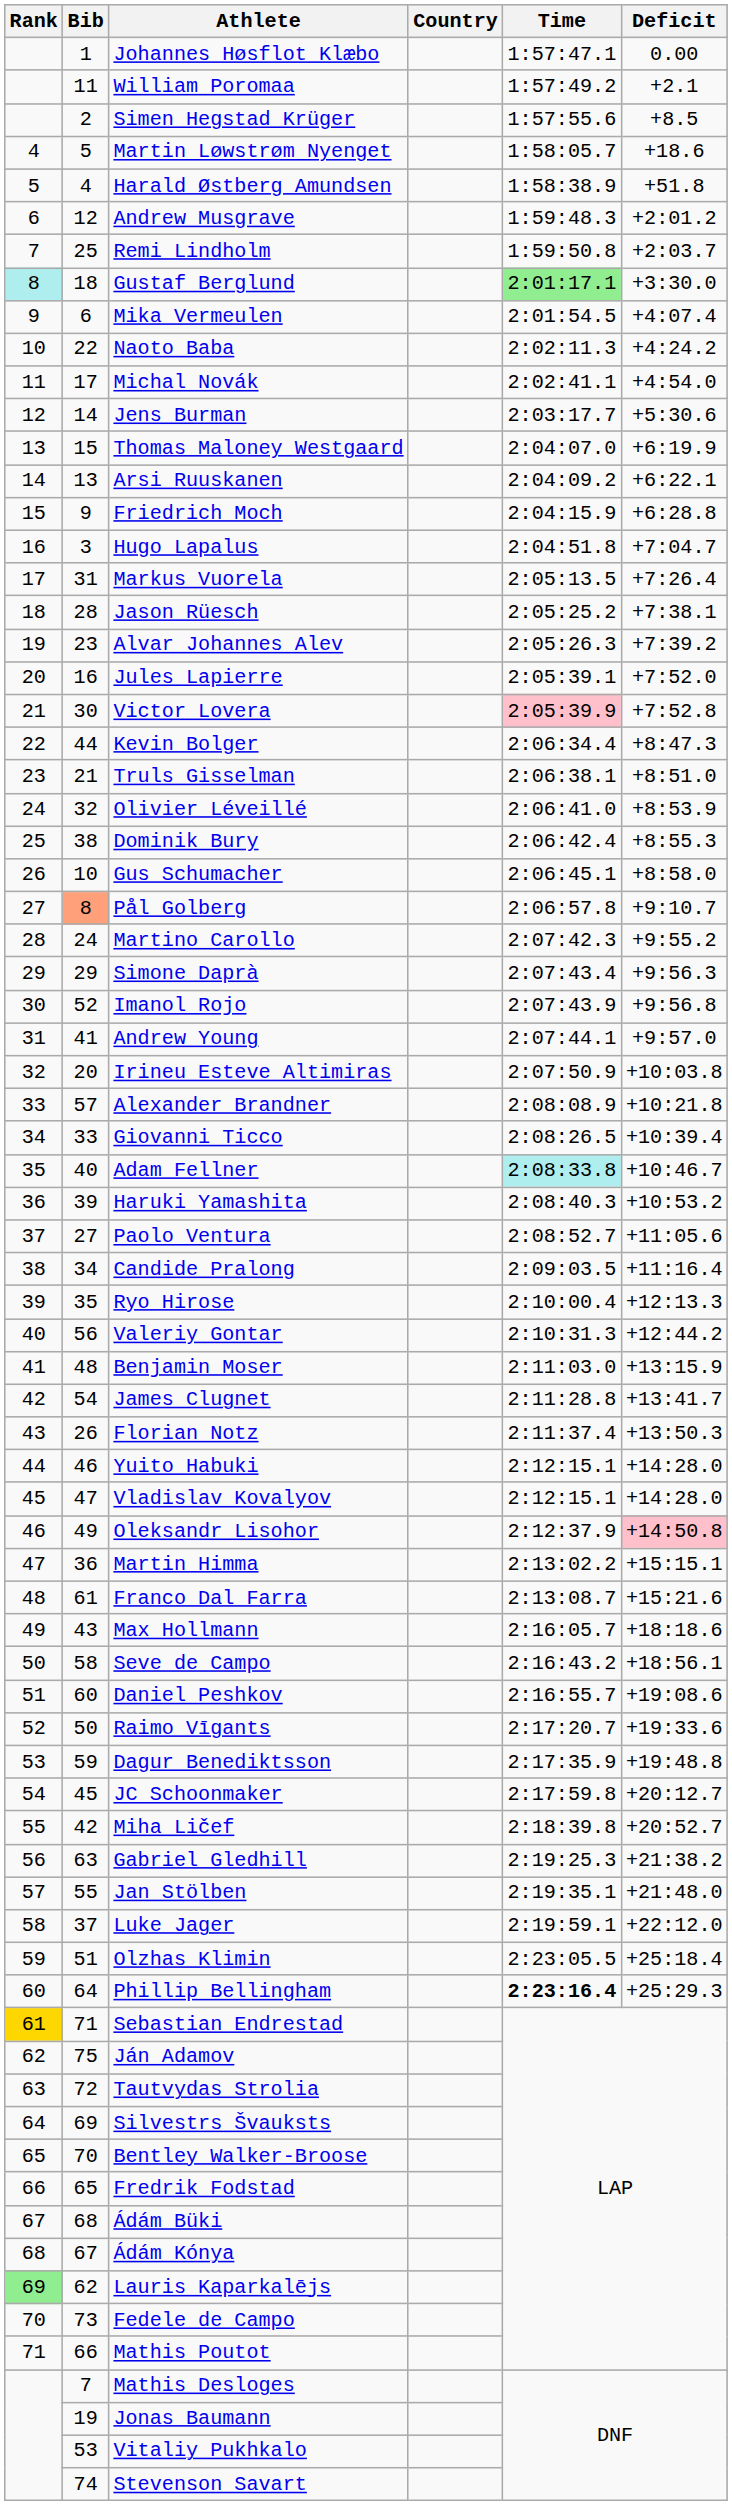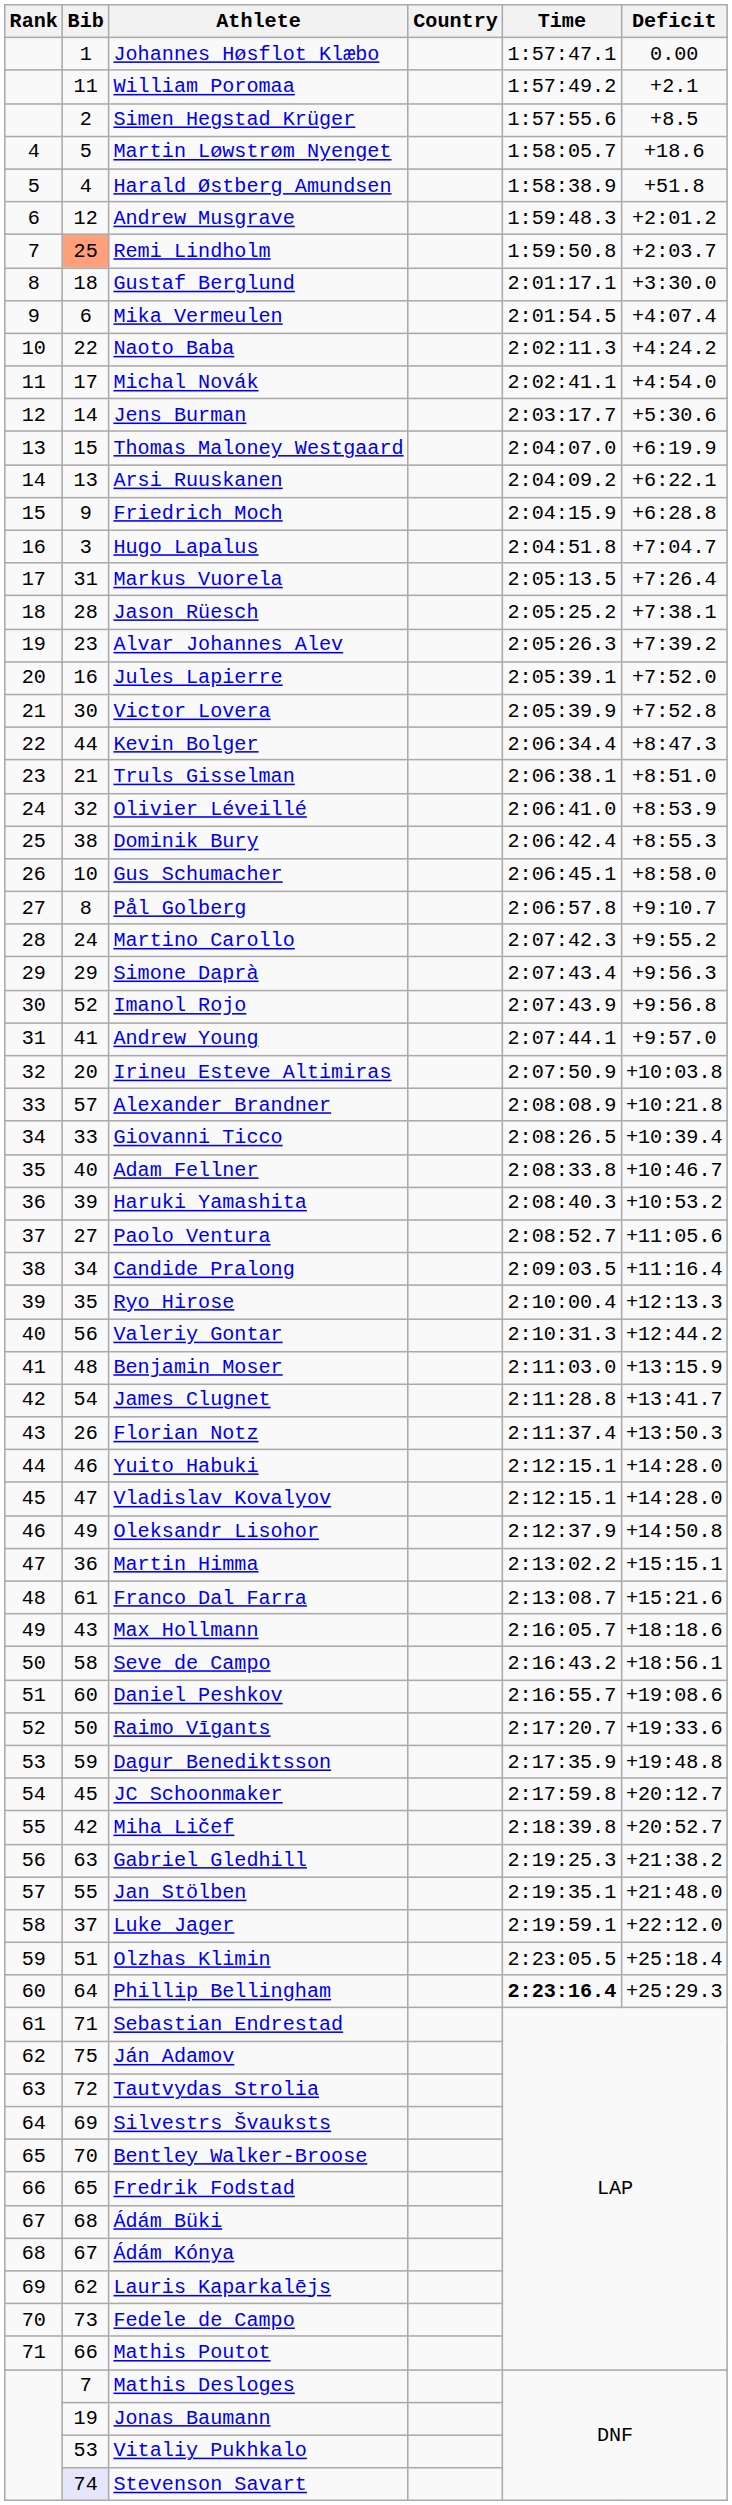 <table class="wikitable sortable" style="text-align:center">
 <tr>
 <th>Rank</th>
 <th>Bib</th>
 <th>Athlete</th>
 <th>Country</th>
 <th>Time</th>
 <th>Deficit</th>
 </tr>
 <tr>
 <td></td>
 <td>1</td>
 <td align=left><a href='#'>Johannes Høsflot Klæbo</a></td>
 <td align=left></td>
 <td>1:57:47.1</td>
 <td>0.00</td>
 </tr>
 <tr>
 <td></td>
 <td>11</td>
 <td align=left><a href='#'>William Poromaa</a></td>
 <td align=left></td>
 <td>1:57:49.2</td>
 <td>+2.1</td>
 </tr>
 <tr>
 <td></td>
 <td>2</td>
 <td align=left><a href='#'>Simen Hegstad Krüger</a></td>
 <td align=left></td>
 <td>1:57:55.6</td>
 <td>+8.5</td>
 </tr>
 <tr>
 <td>4</td>
 <td>5</td>
 <td align=left><a href='#'>Martin Løwstrøm Nyenget</a></td>
 <td align=left></td>
 <td>1:58:05.7</td>
 <td>+18.6</td>
 </tr>
 <tr>
 <td>5</td>
 <td>4</td>
 <td align=left><a href='#'>Harald Østberg Amundsen</a></td>
 <td align=left></td>
 <td>1:58:38.9</td>
 <td>+51.8</td>
 </tr>
 <tr>
 <td>6</td>
 <td>12</td>
 <td align=left><a href='#'>Andrew Musgrave</a></td>
 <td align=left></td>
 <td>1:59:48.3</td>
 <td>+2:01.2</td>
 </tr>
 <tr>
 <td>7</td>
-<td>25</td>
+<td style="background: lightsalmon;">25</td>
 <td align=left><a href='#'>Remi Lindholm</a></td>
 <td align=left></td>
 <td>1:59:50.8</td>
 <td>+2:03.7</td>
 </tr>
 <tr>
-<td style="background: paleturquoise;">8</td>
+<td>8</td>
 <td>18</td>
 <td align=left><a href='#'>Gustaf Berglund</a></td>
 <td align=left></td>
-<td style="background: lightgreen;">2:01:17.1</td>
+<td>2:01:17.1</td>
 <td>+3:30.0</td>
 </tr>
 <tr>
 <td>9</td>
 <td>6</td>
 <td align=left><a href='#'>Mika Vermeulen</a></td>
 <td align=left></td>
 <td>2:01:54.5</td>
 <td>+4:07.4</td>
 </tr>
 <tr>
 <td>10</td>
 <td>22</td>
 <td align=left><a href='#'>Naoto Baba</a></td>
 <td align=left></td>
 <td>2:02:11.3</td>
 <td>+4:24.2</td>
 </tr>
 <tr>
 <td>11</td>
 <td>17</td>
 <td align=left><a href='#'>Michal Novák</a></td>
 <td align=left></td>
 <td>2:02:41.1</td>
 <td>+4:54.0</td>
 </tr>
 <tr>
 <td>12</td>
 <td>14</td>
 <td align=left><a href='#'>Jens Burman</a></td>
 <td align=left></td>
 <td>2:03:17.7</td>
 <td>+5:30.6</td>
 </tr>
 <tr>
 <td>13</td>
 <td>15</td>
 <td align=left><a href='#'>Thomas Maloney Westgaard</a></td>
 <td align=left></td>
 <td>2:04:07.0</td>
 <td>+6:19.9</td>
 </tr>
 <tr>
 <td>14</td>
 <td>13</td>
 <td align=left><a href='#'>Arsi Ruuskanen</a></td>
 <td align=left></td>
 <td>2:04:09.2</td>
 <td>+6:22.1</td>
 </tr>
 <tr>
 <td>15</td>
 <td>9</td>
 <td align=left><a href='#'>Friedrich Moch</a></td>
 <td align=left></td>
 <td>2:04:15.9</td>
 <td>+6:28.8</td>
 </tr>
 <tr>
 <td>16</td>
 <td>3</td>
 <td align=left><a href='#'>Hugo Lapalus</a></td>
 <td align=left></td>
 <td>2:04:51.8</td>
 <td>+7:04.7</td>
 </tr>
 <tr>
 <td>17</td>
 <td>31</td>
 <td align=left><a href='#'>Markus Vuorela</a></td>
 <td align=left></td>
 <td>2:05:13.5</td>
 <td>+7:26.4</td>
 </tr>
 <tr>
 <td>18</td>
 <td>28</td>
 <td align=left><a href='#'>Jason Rüesch</a></td>
 <td align=left></td>
 <td>2:05:25.2</td>
 <td>+7:38.1</td>
 </tr>
 <tr>
 <td>19</td>
 <td>23</td>
 <td align=left><a href='#'>Alvar Johannes Alev</a></td>
 <td align=left></td>
 <td>2:05:26.3</td>
 <td>+7:39.2</td>
 </tr>
 <tr>
 <td>20</td>
 <td>16</td>
 <td align=left><a href='#'>Jules Lapierre</a></td>
 <td align=left></td>
 <td>2:05:39.1</td>
 <td>+7:52.0</td>
 </tr>
 <tr>
 <td>21</td>
 <td>30</td>
 <td align=left><a href='#'>Victor Lovera</a></td>
 <td align=left></td>
-<td style="background: pink;">2:05:39.9</td>
+<td>2:05:39.9</td>
 <td>+7:52.8</td>
 </tr>
 <tr>
 <td>22</td>
 <td>44</td>
 <td align=left><a href='#'>Kevin Bolger</a></td>
 <td align=left></td>
 <td>2:06:34.4</td>
 <td>+8:47.3</td>
 </tr>
 <tr>
 <td>23</td>
 <td>21</td>
 <td align=left><a href='#'>Truls Gisselman</a></td>
 <td align=left></td>
 <td>2:06:38.1</td>
 <td>+8:51.0</td>
 </tr>
 <tr>
 <td>24</td>
 <td>32</td>
 <td align=left><a href='#'>Olivier Léveillé</a></td>
 <td align=left></td>
 <td>2:06:41.0</td>
 <td>+8:53.9</td>
 </tr>
 <tr>
 <td>25</td>
 <td>38</td>
 <td align=left><a href='#'>Dominik Bury</a></td>
 <td align=left></td>
 <td>2:06:42.4</td>
 <td>+8:55.3</td>
 </tr>
 <tr>
 <td>26</td>
 <td>10</td>
 <td align=left><a href='#'>Gus Schumacher</a></td>
 <td align=left></td>
 <td>2:06:45.1</td>
 <td>+8:58.0</td>
 </tr>
 <tr>
 <td>27</td>
-<td style="background: lightsalmon;">8</td>
+<td>8</td>
 <td align=left><a href='#'>Pål Golberg</a></td>
 <td align=left></td>
 <td>2:06:57.8</td>
 <td>+9:10.7</td>
 </tr>
 <tr>
 <td>28</td>
 <td>24</td>
 <td align=left><a href='#'>Martino Carollo</a></td>
 <td align=left></td>
 <td>2:07:42.3</td>
 <td>+9:55.2</td>
 </tr>
 <tr>
 <td>29</td>
 <td>29</td>
 <td align=left><a href='#'>Simone Daprà</a></td>
 <td align=left></td>
 <td>2:07:43.4</td>
 <td>+9:56.3</td>
 </tr>
 <tr>
 <td>30</td>
 <td>52</td>
 <td align=left><a href='#'>Imanol Rojo</a></td>
 <td align=left></td>
 <td>2:07:43.9</td>
 <td>+9:56.8</td>
 </tr>
 <tr>
 <td>31</td>
 <td>41</td>
 <td align=left><a href='#'>Andrew Young</a></td>
 <td align=left></td>
 <td>2:07:44.1</td>
 <td>+9:57.0</td>
 </tr>
 <tr>
 <td>32</td>
 <td>20</td>
 <td align=left><a href='#'>Irineu Esteve Altimiras</a></td>
 <td align=left></td>
 <td>2:07:50.9</td>
 <td>+10:03.8</td>
 </tr>
 <tr>
 <td>33</td>
 <td>57</td>
 <td align=left><a href='#'>Alexander Brandner</a></td>
 <td align=left></td>
 <td>2:08:08.9</td>
 <td>+10:21.8</td>
 </tr>
 <tr>
 <td>34</td>
 <td>33</td>
 <td align=left><a href='#'>Giovanni Ticco</a></td>
 <td align=left></td>
 <td>2:08:26.5</td>
 <td>+10:39.4</td>
 </tr>
 <tr>
 <td>35</td>
 <td>40</td>
 <td align=left><a href='#'>Adam Fellner</a></td>
 <td align=left></td>
-<td style="background: paleturquoise;">2:08:33.8</td>
+<td>2:08:33.8</td>
 <td>+10:46.7</td>
 </tr>
 <tr>
 <td>36</td>
 <td>39</td>
 <td align=left><a href='#'>Haruki Yamashita</a></td>
 <td align=left></td>
 <td>2:08:40.3</td>
 <td>+10:53.2</td>
 </tr>
 <tr>
 <td>37</td>
 <td>27</td>
 <td align=left><a href='#'>Paolo Ventura</a></td>
 <td align=left></td>
 <td>2:08:52.7</td>
 <td>+11:05.6</td>
 </tr>
 <tr>
 <td>38</td>
 <td>34</td>
 <td align=left><a href='#'>Candide Pralong</a></td>
 <td align=left></td>
 <td>2:09:03.5</td>
 <td>+11:16.4</td>
 </tr>
 <tr>
 <td>39</td>
 <td>35</td>
 <td align=left><a href='#'>Ryo Hirose</a></td>
 <td align=left></td>
 <td>2:10:00.4</td>
 <td>+12:13.3</td>
 </tr>
 <tr>
 <td>40</td>
 <td>56</td>
 <td align=left><a href='#'>Valeriy Gontar</a></td>
 <td align=left></td>
 <td>2:10:31.3</td>
 <td>+12:44.2</td>
 </tr>
 <tr>
 <td>41</td>
 <td>48</td>
 <td align=left><a href='#'>Benjamin Moser</a></td>
 <td align=left></td>
 <td>2:11:03.0</td>
 <td>+13:15.9</td>
 </tr>
 <tr>
 <td>42</td>
 <td>54</td>
 <td align=left><a href='#'>James Clugnet</a></td>
 <td align=left></td>
 <td>2:11:28.8</td>
 <td>+13:41.7</td>
 </tr>
 <tr>
 <td>43</td>
 <td>26</td>
 <td align=left><a href='#'>Florian Notz</a></td>
 <td align=left></td>
 <td>2:11:37.4</td>
 <td>+13:50.3</td>
 </tr>
 <tr>
 <td>44</td>
 <td>46</td>
 <td align=left><a href='#'>Yuito Habuki</a></td>
 <td align=left></td>
 <td>2:12:15.1</td>
 <td>+14:28.0</td>
 </tr>
 <tr>
 <td>45</td>
 <td>47</td>
 <td align=left><a href='#'>Vladislav Kovalyov</a></td>
 <td align=left></td>
 <td>2:12:15.1</td>
 <td>+14:28.0</td>
 </tr>
 <tr>
 <td>46</td>
 <td>49</td>
 <td align=left><a href='#'>Oleksandr Lisohor</a></td>
 <td align=left></td>
 <td>2:12:37.9</td>
-<td style="background: pink;">+14:50.8</td>
+<td>+14:50.8</td>
 </tr>
 <tr>
 <td>47</td>
 <td>36</td>
 <td align=left><a href='#'>Martin Himma</a></td>
 <td align=left></td>
 <td>2:13:02.2</td>
 <td>+15:15.1</td>
 </tr>
 <tr>
 <td>48</td>
 <td>61</td>
 <td align=left><a href='#'>Franco Dal Farra</a></td>
 <td align=left></td>
 <td>2:13:08.7</td>
 <td>+15:21.6</td>
 </tr>
 <tr>
 <td>49</td>
 <td>43</td>
 <td align=left><a href='#'>Max Hollmann</a></td>
 <td align=left></td>
 <td>2:16:05.7</td>
 <td>+18:18.6</td>
 </tr>
 <tr>
 <td>50</td>
 <td>58</td>
 <td align=left><a href='#'>Seve de Campo</a></td>
 <td align=left></td>
 <td>2:16:43.2</td>
 <td>+18:56.1</td>
 </tr>
 <tr>
 <td>51</td>
 <td>60</td>
 <td align=left><a href='#'>Daniel Peshkov</a></td>
 <td align=left></td>
 <td>2:16:55.7</td>
 <td>+19:08.6</td>
 </tr>
 <tr>
 <td>52</td>
 <td>50</td>
 <td align=left><a href='#'>Raimo Vīgants</a></td>
 <td align=left></td>
 <td>2:17:20.7</td>
 <td>+19:33.6</td>
 </tr>
 <tr>
 <td>53</td>
 <td>59</td>
 <td align=left><a href='#'>Dagur Benediktsson</a></td>
 <td align=left></td>
 <td>2:17:35.9</td>
 <td>+19:48.8</td>
 </tr>
 <tr>
 <td>54</td>
 <td>45</td>
 <td align=left><a href='#'>JC Schoonmaker</a></td>
 <td align=left></td>
 <td>2:17:59.8</td>
 <td>+20:12.7</td>
 </tr>
 <tr>
 <td>55</td>
 <td>42</td>
 <td align=left><a href='#'>Miha Ličef</a></td>
 <td align=left></td>
 <td>2:18:39.8</td>
 <td>+20:52.7</td>
 </tr>
 <tr>
 <td>56</td>
 <td>63</td>
 <td align=left><a href='#'>Gabriel Gledhill</a></td>
 <td align=left></td>
 <td>2:19:25.3</td>
 <td>+21:38.2</td>
 </tr>
 <tr>
 <td>57</td>
 <td>55</td>
 <td align=left><a href='#'>Jan Stölben</a></td>
 <td align=left></td>
 <td>2:19:35.1</td>
 <td>+21:48.0</td>
 </tr>
 <tr>
 <td>58</td>
 <td>37</td>
 <td align=left><a href='#'>Luke Jager</a></td>
 <td align=left></td>
 <td>2:19:59.1</td>
 <td>+22:12.0</td>
 </tr>
 <tr>
 <td>59</td>
 <td>51</td>
 <td align=left><a href='#'>Olzhas Klimin</a></td>
 <td align=left></td>
 <td>2:23:05.5</td>
 <td>+25:18.4</td>
 </tr>
 <tr>
 <td>60</td>
 <td>64</td>
 <td align=left><a href='#'>Phillip Bellingham</a></td>
 <td align=left></td>
 <td><strong>2:23:16.4</strong></td>
 <td>+25:29.3</td>
 </tr>
 <tr>
-<td style="background: gold;">61</td>
+<td>61</td>
 <td>71</td>
 <td align=left><a href='#'>Sebastian Endrestad</a></td>
 <td align=left></td>
 <td colspan=2 rowspan=11>LAP</td>
 </tr>
 <tr>
 <td>62</td>
 <td>75</td>
 <td align=left><a href='#'>Ján Adamov</a></td>
 <td align=left></td>
 </tr>
 <tr>
 <td>63</td>
 <td>72</td>
 <td align=left><a href='#'>Tautvydas Strolia</a></td>
 <td align=left></td>
 </tr>
 <tr>
 <td>64</td>
 <td>69</td>
 <td align=left><a href='#'>Silvestrs Švauksts</a></td>
 <td align=left></td>
 </tr>
 <tr>
 <td>65</td>
 <td>70</td>
 <td align=left><a href='#'>Bentley Walker-Broose</a></td>
 <td align=left></td>
 </tr>
 <tr>
 <td>66</td>
 <td>65</td>
 <td align=left><a href='#'>Fredrik Fodstad</a></td>
 <td align=left></td>
 </tr>
 <tr>
 <td>67</td>
 <td>68</td>
 <td align=left><a href='#'>Ádám Büki</a></td>
 <td align=left></td>
 </tr>
 <tr>
 <td>68</td>
 <td>67</td>
 <td align=left><a href='#'>Ádám Kónya</a></td>
 <td align=left></td>
 </tr>
 <tr>
-<td style="background: lightgreen;">69</td>
+<td>69</td>
 <td>62</td>
 <td align=left><a href='#'>Lauris Kaparkalējs</a></td>
 <td align=left></td>
 </tr>
 <tr>
 <td>70</td>
 <td>73</td>
 <td align=left><a href='#'>Fedele de Campo</a></td>
 <td align=left></td>
 </tr>
 <tr>
 <td>71</td>
 <td>66</td>
 <td align=left><a href='#'>Mathis Poutot</a></td>
 <td align=left></td>
 </tr>
 <tr>
 <td rowspan=4></td>
 <td>7</td>
 <td align=left><a href='#'>Mathis Desloges</a></td>
 <td align=left></td>
 <td colspan=2 rowspan=4>DNF</td>
 </tr>
 <tr>
 <td>19</td>
 <td align=left><a href='#'>Jonas Baumann</a></td>
 <td align=left></td>
 </tr>
 <tr>
 <td>53</td>
 <td align=left><a href='#'>Vitaliy Pukhkalo</a></td>
 <td align=left></td>
 </tr>
 <tr>
-<td>74</td>
+<td style="background: lavender;">74</td>
 <td align=left><a href='#'>Stevenson Savart</a></td>
 <td align=left></td>
 </tr>
 </table>
